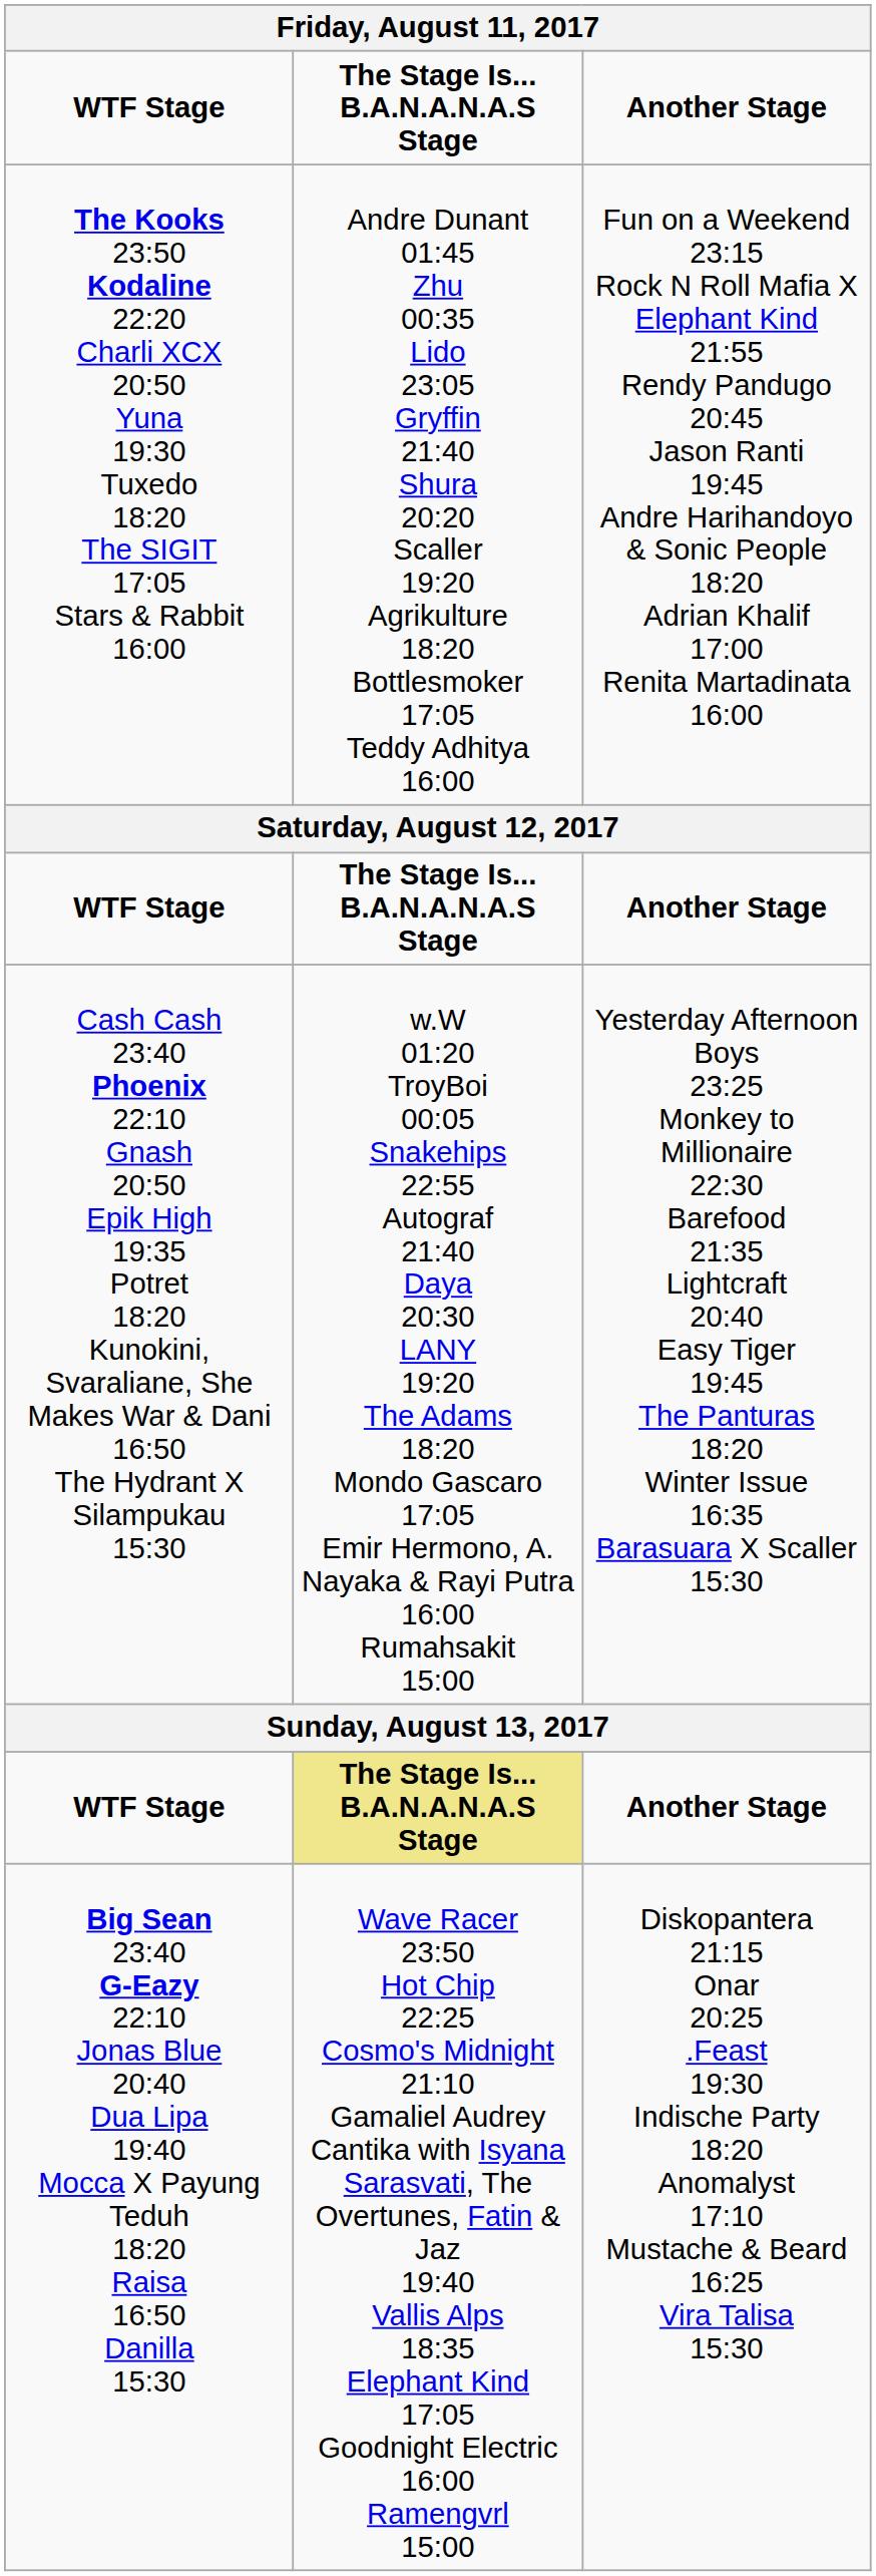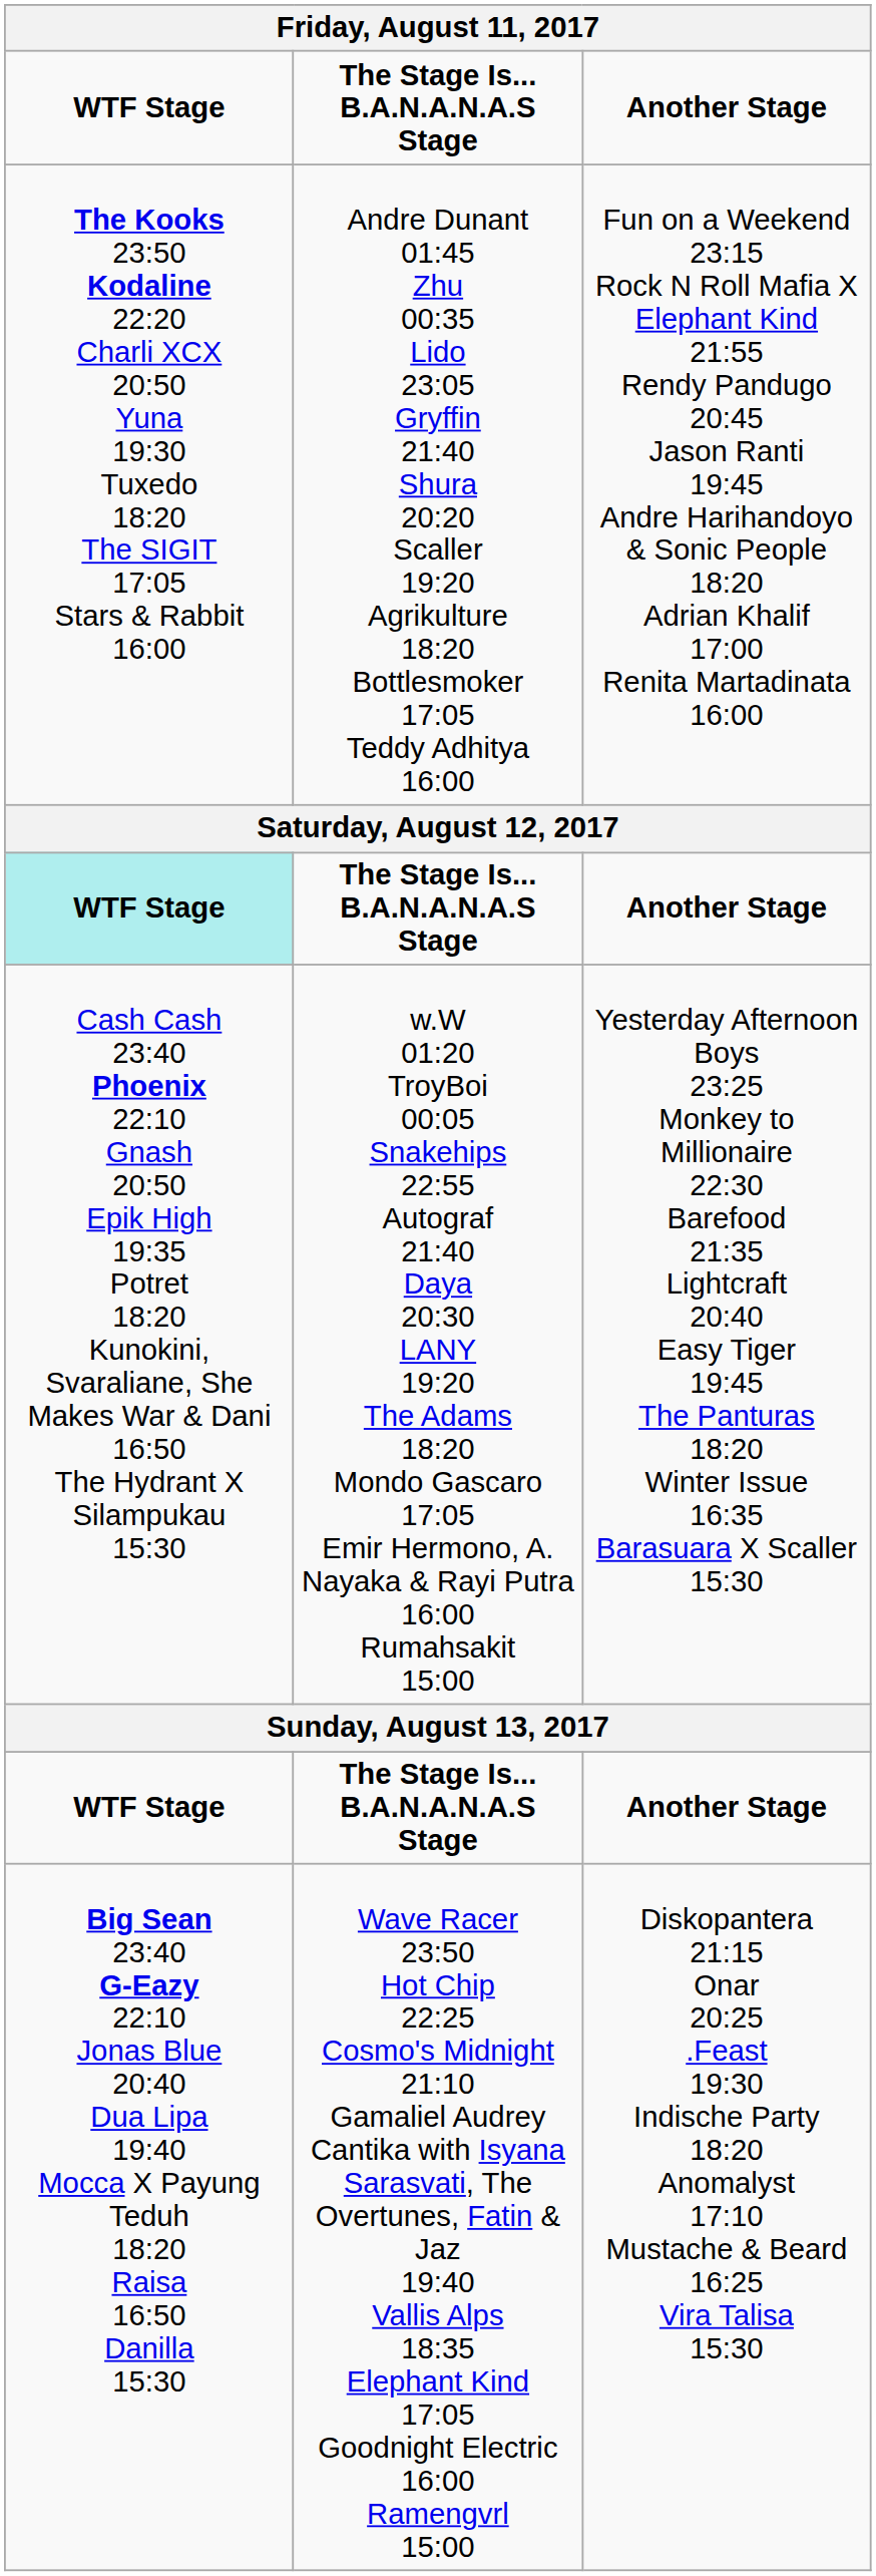 <table class="wikitable">
 <tr>
 <th colspan="3" style="text-align:center;">Friday, August 11, 2017</th>
 </tr>
 <tr>
 <td style="text-align:center;"><strong>WTF Stage</strong></td>
 <td style="text-align:center;"><strong>The Stage Is... B.A.N.A.N.A.S Stage</strong></td>
 <td style="text-align:center;"><strong>Another Stage</strong></td>
 </tr>
 <tr>
 <td style="text-align:center; vertical-align:top;" width="150px;"><br><strong><a href='#'>The Kooks</a></strong><br>23:50<br><strong><a href='#'>Kodaline</a></strong><br>22:20<br><a href='#'>Charli XCX</a><br>20:50<br><a href='#'>Yuna</a><br>19:30<br>Tuxedo<br>18:20<br><a href='#'>The SIGIT</a><br>17:05<br>Stars & Rabbit<br>16:00</td>
 <td style="text-align:center; vertical-align:top;" width="150px;"><br>Andre Dunant<br>01:45<br><a href='#'>Zhu</a><br>00:35<br><a href='#'>Lido</a><br>23:05<br><a href='#'>Gryffin</a><br>21:40<br><a href='#'>Shura</a><br>20:20<br>Scaller<br>19:20<br>Agrikulture<br>18:20<br>Bottlesmoker<br>17:05<br>Teddy Adhitya<br>16:00</td>
 <td style="text-align:center; vertical-align:top;" width="150px;"><br>Fun on a Weekend<br>23:15<br>Rock N Roll Mafia X <a href='#'>Elephant Kind</a><br>21:55<br>Rendy Pandugo<br>20:45<br>Jason Ranti<br>19:45<br>Andre Harihandoyo & Sonic People<br>18:20<br>Adrian Khalif<br>17:00<br>Renita Martadinata<br>16:00</td>
 </tr>
 <tr>
 <th colspan="3">Saturday, August 12, 2017</th>
 </tr>
 <tr>
-<td style="text-align:center;"><strong>WTF Stage</strong></td>
+<td style="background: paleturquoise; text-align:center;"><strong>WTF Stage</strong></td>
 <td style="text-align:center;"><strong>The Stage Is... B.A.N.A.N.A.S Stage</strong></td>
 <td style="text-align:center;"><strong>Another Stage</strong></td>
 </tr>
 <tr>
 <td style="text-align:center; vertical-align:top;" width="150px;"><br><a href='#'>Cash Cash</a><br>23:40<br><strong><a href='#'>Phoenix</a></strong><br>22:10<br><a href='#'>Gnash</a><br>20:50<br><a href='#'>Epik High</a><br>19:35<br>Potret<br>18:20<br>Kunokini, Svaraliane, She Makes War & Dani<br>16:50<br>The Hydrant X Silampukau<br>15:30</td>
 <td style="text-align:center; vertical-align:top;" width="150px;"><br>w.W<br>01:20<br>TroyBoi<br>00:05<br><a href='#'>Snakehips</a><br>22:55<br>Autograf<br>21:40<br><a href='#'>Daya</a><br>20:30<br><a href='#'>LANY</a><br>19:20<br><a href='#'>The Adams</a><br>18:20<br>Mondo Gascaro<br>17:05<br>Emir Hermono, A. Nayaka & Rayi Putra<br>16:00<br>Rumahsakit<br>15:00</td>
 <td style="text-align:center; vertical-align:top;" width="150px;"><br>Yesterday Afternoon Boys<br>23:25<br>Monkey to Millionaire<br>22:30<br>Barefood<br>21:35<br>Lightcraft<br>20:40<br>Easy Tiger<br>19:45<br><a href='#'>The Panturas</a><br>18:20<br>Winter Issue<br>16:35<br><a href='#'>Barasuara</a> X Scaller<br>15:30</td>
 </tr>
 <tr>
 <th colspan="3">Sunday, August 13, 2017</th>
 </tr>
 <tr>
 <td style="text-align:center;"><strong>WTF Stage</strong></td>
-<td style="background: khaki; text-align:center;"><strong>The Stage Is... B.A.N.A.N.A.S Stage</strong></td>
+<td style="text-align:center;"><strong>The Stage Is... B.A.N.A.N.A.S Stage</strong></td>
 <td style="text-align:center;"><strong>Another Stage</strong></td>
 </tr>
 <tr>
 <td style="text-align:center; vertical-align:top;" width="150px;"><br><strong><a href='#'>Big Sean</a></strong><br>23:40<br><strong><a href='#'>G-Eazy</a></strong><br>22:10<br><a href='#'>Jonas Blue</a><br>20:40<br><a href='#'>Dua Lipa</a><br>19:40<br><a href='#'>Mocca</a> X Payung Teduh<br>18:20<br><a href='#'>Raisa</a><br>16:50<br><a href='#'>Danilla</a><br>15:30</td>
 <td style="text-align:center; vertical-align:top;" width="150px;"><br><a href='#'>Wave Racer</a><br>23:50<br><a href='#'>Hot Chip</a> <br>22:25<br><a href='#'>Cosmo's Midnight</a><br>21:10<br>Gamaliel Audrey Cantika with <a href='#'>Isyana Sarasvati</a>, The Overtunes, <a href='#'>Fatin</a> & Jaz<br>19:40<br><a href='#'>Vallis Alps</a><br>18:35<br><a href='#'>Elephant Kind</a><br>17:05<br>Goodnight Electric<br>16:00<br><a href='#'>Ramengvrl</a><br>15:00</td>
 <td style="text-align:center; vertical-align:top;" width="150px;"><br>Diskopantera<br>21:15<br>Onar<br>20:25<br><a href='#'>.Feast</a><br>19:30<br>Indische Party<br>18:20<br>Anomalyst<br>17:10<br>Mustache & Beard<br>16:25<br><a href='#'>Vira Talisa</a><br>15:30</td>
 </tr>
 </table>
